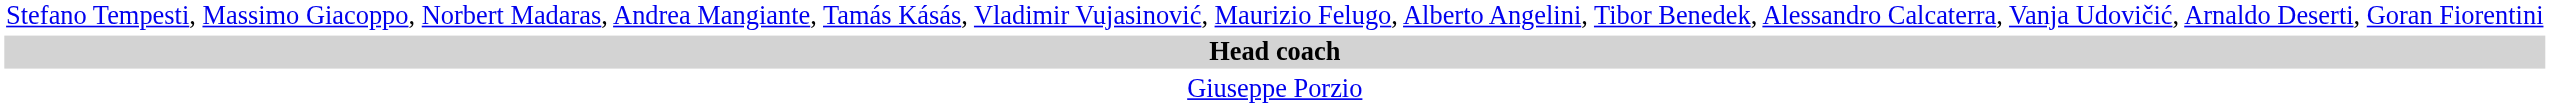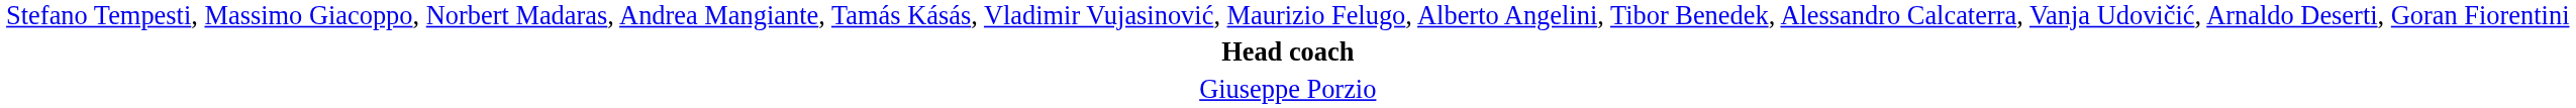 <table style="text-align: center; margin-top: 2em; margin-left: auto; margin-right: auto">
 <tr>
 <td><a href='#'>Stefano Tempesti</a>, <a href='#'>Massimo Giacoppo</a>, <a href='#'>Norbert Madaras</a>, <a href='#'>Andrea Mangiante</a>, <a href='#'>Tamás Kásás</a>, <a href='#'>Vladimir Vujasinović</a>, <a href='#'>Maurizio Felugo</a>, <a href='#'>Alberto Angelini</a>, <a href='#'>Tibor Benedek</a>, <a href='#'>Alessandro Calcaterra</a>, <a href='#'>Vanja Udovičić</a>, <a href='#'>Arnaldo Deserti</a>, <a href='#'>Goran Fiorentini</a></td>
 </tr>
 <tr>
-<td style="background: lightgrey;"><strong>Head coach</strong></td>
+<td><strong>Head coach</strong></td>
 </tr>
 <tr>
 <td><a href='#'>Giuseppe Porzio</a></td>
 </tr>
 </table>
